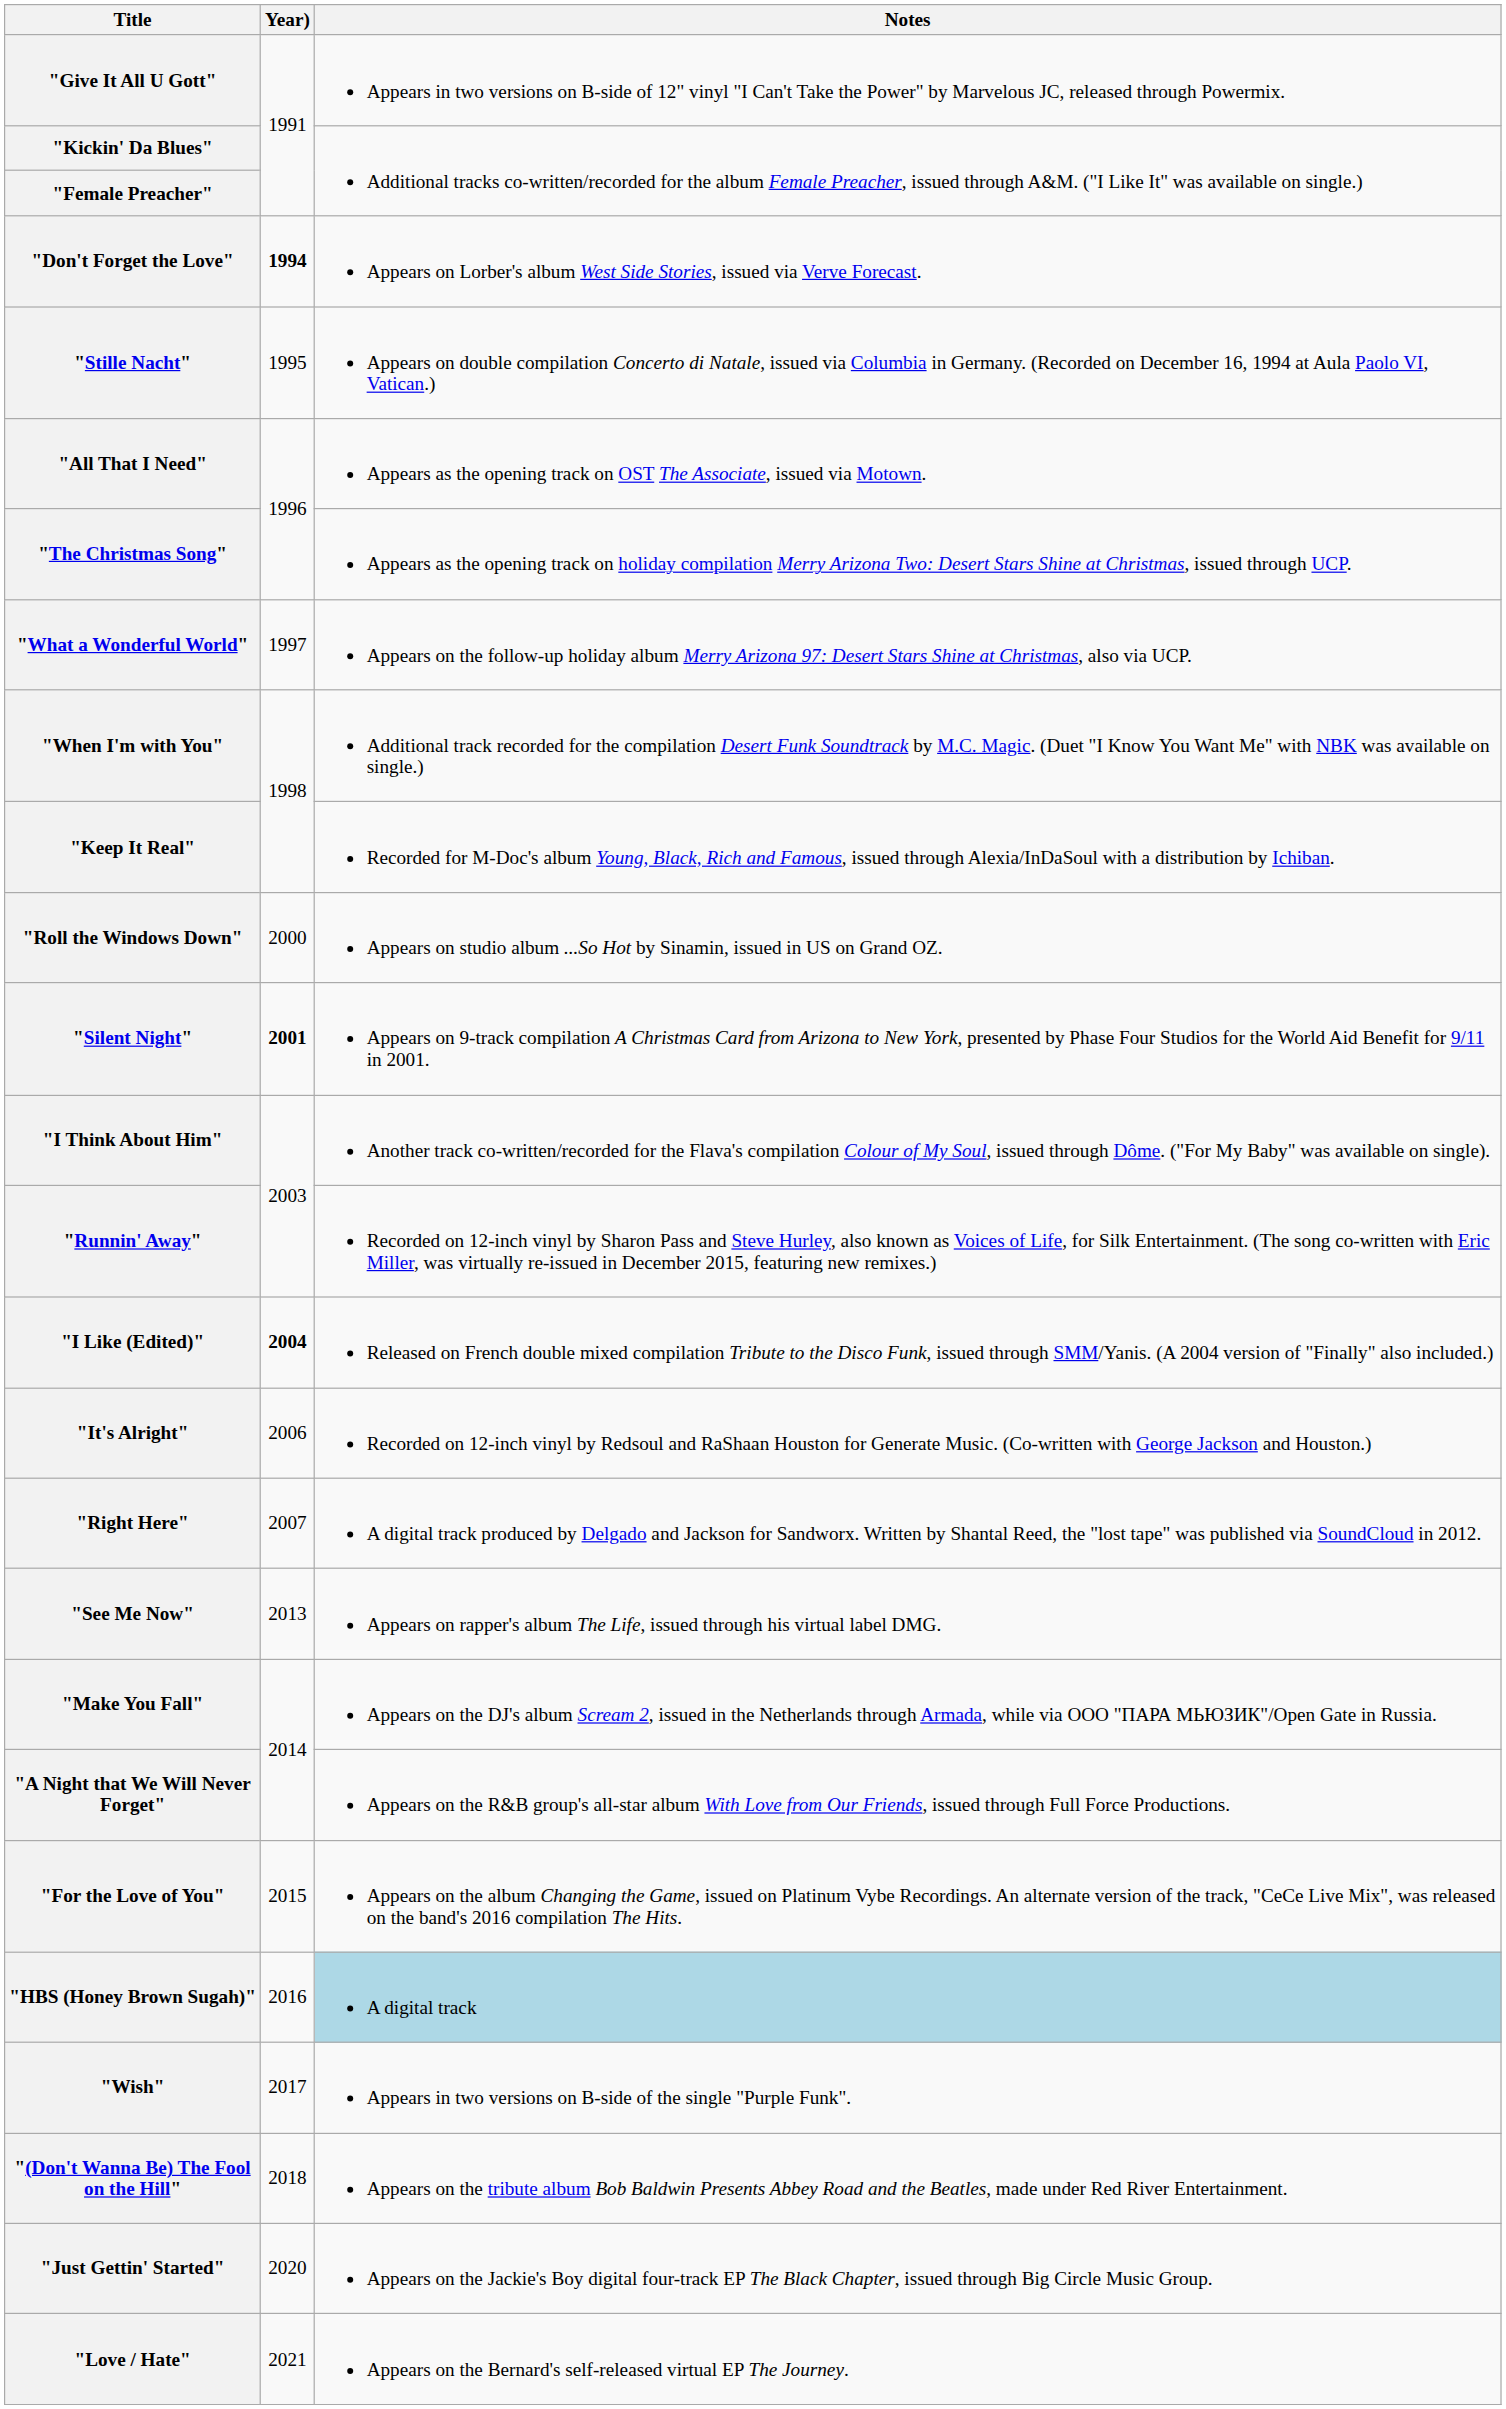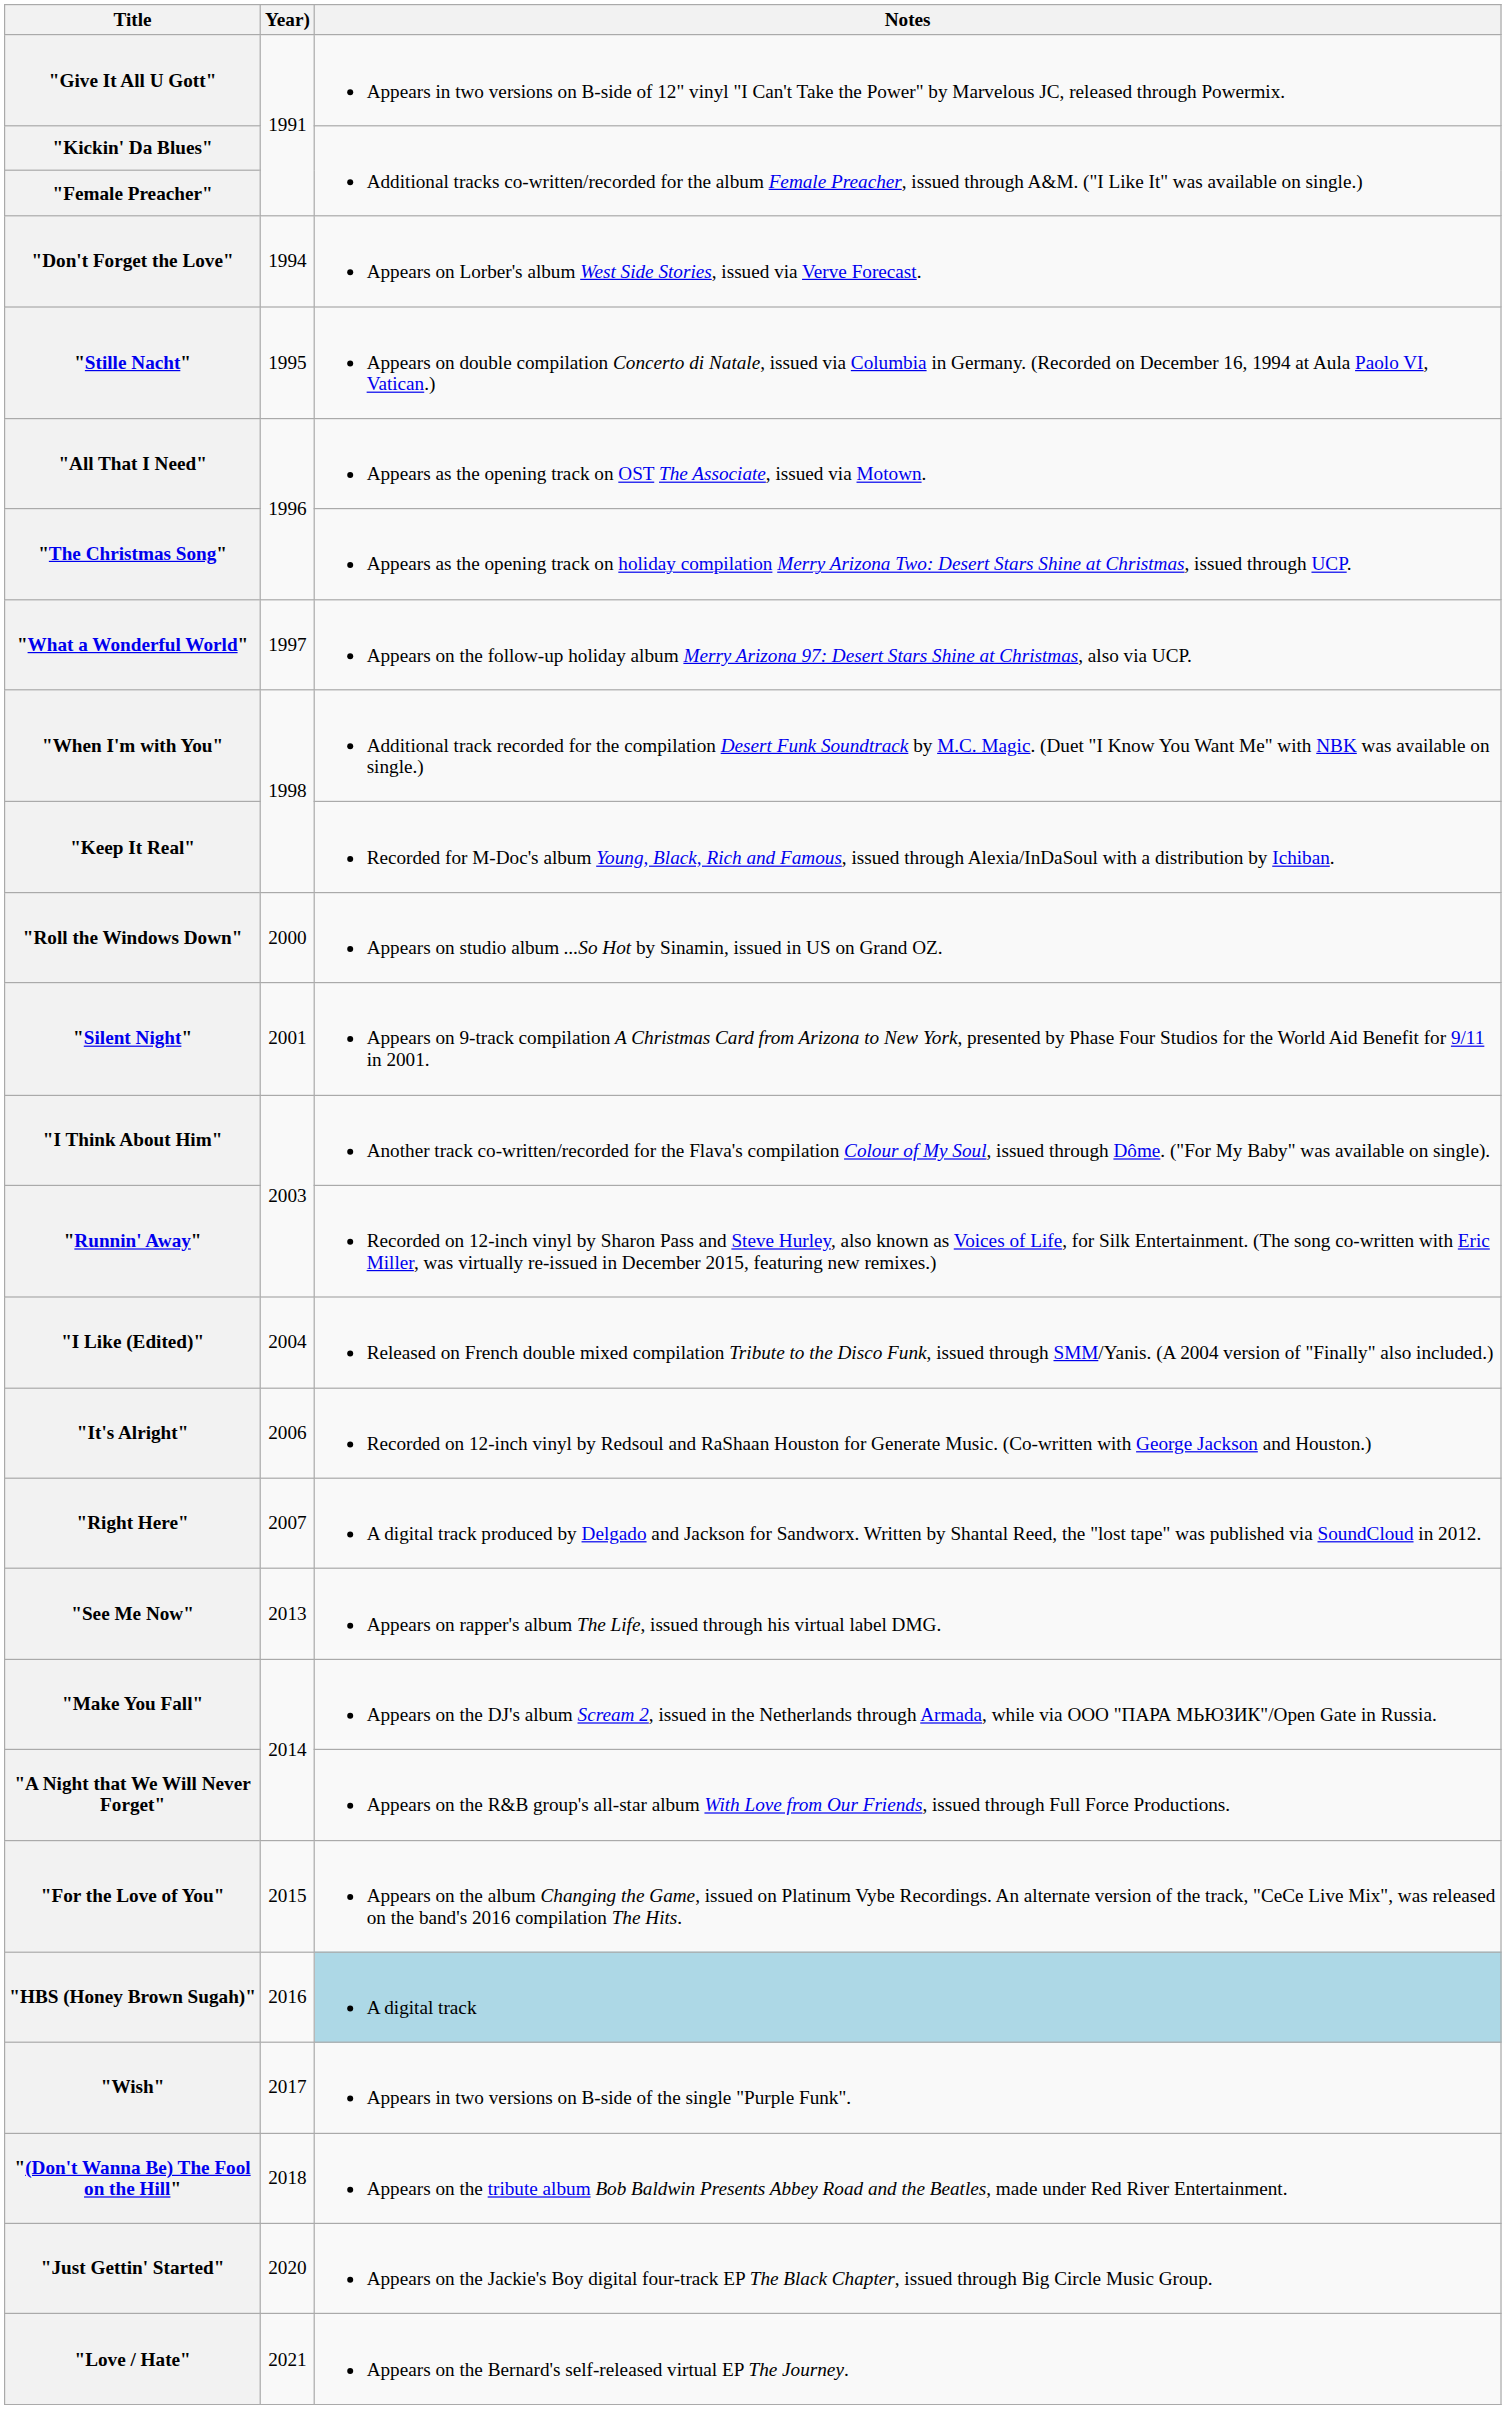 <table class="wikitable plainrowheaders">
 <tr>
 <th scope="col">Title</th>
 <th scope="col">Year)</th>
 <th scope="col">Notes</th>
 </tr>
 <tr>
 <th scope="row">"Give It All U Gott"<br></th>
 <td align=center rowspan=3>1991</td>
 <td><br><ul><li>Appears in two versions on B-side of 12" vinyl "I Can't Take the Power" by Marvelous JC, released through Powermix.</li></ul></td>
 </tr>
 <tr>
 <th scope="row">"Kickin' Da Blues"<br></th>
 <td rowspan=2><br><ul><li>Additional tracks co-written/recorded for the album <em><a href='#'>Female Preacher</a></em>, issued through A&M. ("I Like It" was available on single.)</li></ul></td>
 </tr>
 <tr>
 <th scope="row">"Female Preacher"<br></th>
 </tr>
 <tr>
 <th scope="row">"Don't Forget the Love"<br></th>
-<td align=center><strong>1994</strong></td>
+<td align=center>1994</td>
 <td><br><ul><li>Appears on Lorber's album <em><a href='#'>West Side Stories</a></em>, issued via <a href='#'>Verve Forecast</a>.</li></ul></td>
 </tr>
 <tr>
 <th scope="row">"<a href='#'>Stille Nacht</a>"<br></th>
 <td align=center>1995</td>
 <td><br><ul><li>Appears on double compilation <em>Concerto di Natale</em>, issued via <a href='#'>Columbia</a> in Germany. (Recorded on December 16, 1994 at Aula <a href='#'>Paolo VI</a>, <a href='#'>Vatican</a>.)</li></ul></td>
 </tr>
 <tr>
 <th scope="row">"All That I Need"</th>
 <td align=center rowspan=2>1996</td>
 <td><br><ul><li>Appears as the opening track on <a href='#'>OST</a> <em><a href='#'>The Associate</a></em>, issued via <a href='#'>Motown</a>.</li></ul></td>
 </tr>
 <tr>
 <th scope="row">"<a href='#'>The Christmas Song</a>"</th>
 <td><br><ul><li>Appears as the opening track on <a href='#'>holiday compilation</a> <em><a href='#'>Merry Arizona Two: Desert Stars Shine at Christmas</a></em>, issued through <a href='#'>UCP</a>.</li></ul></td>
 </tr>
 <tr>
 <th scope="row">"<a href='#'>What a Wonderful World</a>"</th>
 <td align=center>1997</td>
 <td><br><ul><li>Appears on the follow-up holiday album <em><a href='#'>Merry Arizona 97: Desert Stars Shine at Christmas</a></em>, also via UCP.</li></ul></td>
 </tr>
 <tr>
 <th scope="row">"When I'm with You"</th>
 <td align=center rowspan=2>1998</td>
 <td><br><ul><li>Additional track recorded for the compilation <em><a href='#'>Desert Funk Soundtrack</a></em> by <a href='#'>M.C. Magic</a>. (Duet "I Know You Want Me" with <a href='#'>NBK</a> was available on single.)</li></ul></td>
 </tr>
 <tr>
 <th scope="row">"Keep It Real"<br></th>
 <td><br><ul><li>Recorded for M-Doc's album <em><a href='#'>Young, Black, Rich and Famous</a></em>, issued through Alexia/InDaSoul with a distribution by <a href='#'>Ichiban</a>.</li></ul></td>
 </tr>
 <tr>
 <th scope="row">"Roll the Windows Down"<br></th>
 <td align=center>2000</td>
 <td><br><ul><li>Appears on studio album <em>...So Hot</em> by Sinamin, issued in US on Grand OZ.</li></ul></td>
 </tr>
 <tr>
 <th scope="row">"<a href='#'>Silent Night</a>"</th>
-<td align=center><strong>2001</strong></td>
+<td align=center>2001</td>
 <td><br><ul><li>Appears on 9-track compilation <em>A Christmas Card from Arizona to New York</em>, presented by Phase Four Studios for the World Aid Benefit for <a href='#'>9/11</a> in 2001.</li></ul></td>
 </tr>
 <tr>
 <th scope="row">"I Think About Him"<br></th>
 <td align=center rowspan=2>2003</td>
 <td><br><ul><li>Another track co-written/recorded for the Flava's compilation <em><a href='#'>Colour of My Soul</a></em>, issued through <a href='#'>Dôme</a>. ("For My Baby" was available on single).</li></ul></td>
 </tr>
 <tr>
 <th scope="row">"<a href='#'>Runnin' Away</a>" </th>
 <td><br><ul><li>Recorded on 12-inch vinyl by Sharon Pass and <a href='#'>Steve Hurley</a>, also known as <a href='#'>Voices of Life</a>, for Silk Entertainment. (The song co-written with <a href='#'>Eric Miller</a>, was virtually re-issued in December 2015, featuring new remixes.)</li></ul></td>
 </tr>
 <tr>
 <th scope="row">"I Like (Edited)" </th>
-<td align=center><strong>2004</strong></td>
+<td align=center>2004</td>
 <td><br><ul><li>Released on French double mixed compilation <em>Tribute to the Disco Funk</em>, issued through <a href='#'>SMM</a>/Yanis. (A 2004 version of "Finally" also included.)</li></ul></td>
 </tr>
 <tr>
 <th scope="row">"It's Alright" </th>
 <td align=center>2006</td>
 <td><br><ul><li>Recorded on 12-inch vinyl by Redsoul and RaShaan Houston for Generate Music. (Co-written with <a href='#'>George Jackson</a> and Houston.)</li></ul></td>
 </tr>
 <tr>
 <th scope="row">"Right Here"</th>
 <td align=center>2007</td>
 <td><br><ul><li>A digital track produced by <a href='#'>Delgado</a> and Jackson for Sandworx. Written by Shantal Reed, the "lost tape" was published via <a href='#'>SoundCloud</a> in 2012.</li></ul></td>
 </tr>
 <tr>
 <th scope="row">"See Me Now"<br></th>
 <td align=center>2013</td>
 <td><br><ul><li>Appears on rapper's album <em>The Life</em>, issued through his virtual label DMG.</li></ul></td>
 </tr>
 <tr>
 <th scope="row">"Make You Fall"<br></th>
 <td align=center rowspan=2>2014</td>
 <td><br><ul><li>Appears on the DJ's album <em><a href='#'>Scream 2</a></em>, issued in the Netherlands through <a href='#'>Armada</a>, while via ООО "ПАРА МЬЮЗИК"/Open Gate in Russia.</li></ul></td>
 </tr>
 <tr>
 <th scope="row">"A Night that We Will Never Forget"<br></th>
 <td><br><ul><li>Appears on the R&B group's all-star album <em><a href='#'>With Love from Our Friends</a></em>, issued through Full Force Productions.</li></ul></td>
 </tr>
 <tr>
 <th scope="row">"For the Love of You"<br></th>
 <td align=center>2015</td>
 <td><br><ul><li>Appears on the album <em>Changing the Game</em>, issued on Platinum Vybe Recordings. An alternate version of the track, "CeCe Live Mix", was released on the band's 2016 compilation <em>The Hits</em>.</li></ul></td>
 </tr>
 <tr>
 <th scope="row">"HBS (Honey Brown Sugah)"<br></th>
 <td align=center>2016</td>
 <td style="background: lightblue;"><br><ul><li>A digital track</li></ul></td>
 </tr>
 <tr>
 <th scope="row">"Wish"<br></th>
 <td align=center>2017</td>
 <td><br><ul><li>Appears in two versions on B-side of the single "Purple Funk".</li></ul></td>
 </tr>
 <tr>
 <th scope="row">"<a href='#'>(Don't Wanna Be) The Fool on the Hill</a>"<br></th>
 <td align=center>2018</td>
 <td><br><ul><li>Appears on the <a href='#'>tribute album</a> <em>Bob Baldwin Presents Abbey Road and the Beatles</em>, made under Red River Entertainment.</li></ul></td>
 </tr>
 <tr>
 <th scope="row">"Just Gettin' Started"<br></th>
 <td align=center>2020</td>
 <td><br><ul><li>Appears on the Jackie's Boy digital four-track EP <em>The Black Chapter</em>, issued through Big Circle Music Group.</li></ul></td>
 </tr>
 <tr>
 <th scope="row">"Love / Hate"<br></th>
 <td align=center>2021</td>
 <td><br><ul><li>Appears on the Bernard's self-released virtual EP <em>The Journey</em>.</li></ul></td>
 </tr>
 </table>
